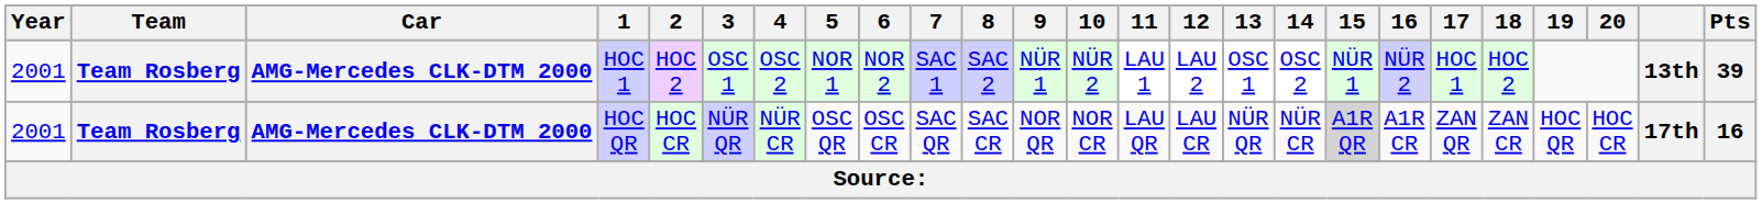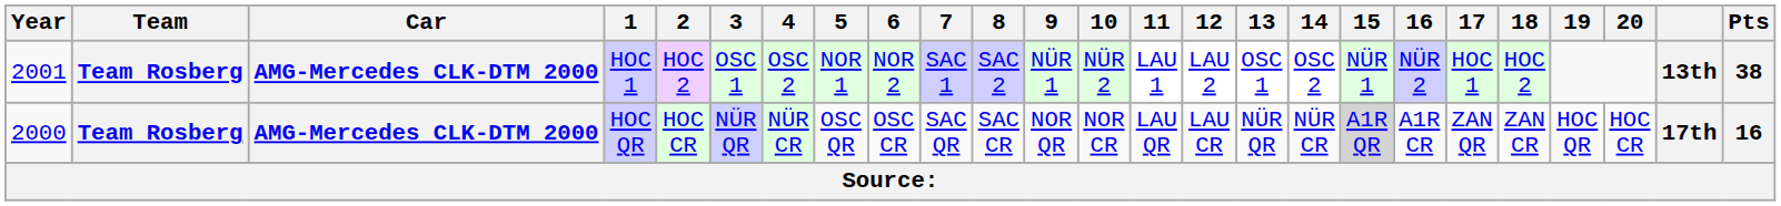 <table class="wikitable" style="text-align:center; font-size:85%;">
 <tr>
 <th>Year</th>
 <th>Team</th>
 <th>Car</th>
 <th>1</th>
 <th>2</th>
 <th>3</th>
 <th>4</th>
 <th>5</th>
 <th>6</th>
 <th>7</th>
 <th>8</th>
 <th>9</th>
 <th>10</th>
 <th>11</th>
 <th>12</th>
 <th>13</th>
 <th>14</th>
 <th>15</th>
 <th>16</th>
 <th>17</th>
 <th>18</th>
 <th>19</th>
 <th>20</th>
 <th></th>
 <th>Pts</th>
 </tr>
 <tr>
 <td><a href='#'>2001</a></td>
 <th nowrap><a href='#'>Team Rosberg</a></th>
 <th nowrap><a href='#'>AMG-Mercedes CLK-DTM 2000</a></th>
 <td style="background:#cfcfff;"><a href='#'>HOC<br>1</a><br></td>
 <td style="background:#efcfff;"><a href='#'>HOC<br>2</a><br></td>
 <td style="background:#dfffdf;"><a href='#'>OSC<br>1</a><br></td>
 <td style="background:#dfffdf;"><a href='#'>OSC<br>2</a><br></td>
 <td style="background:#dfffdf;"><a href='#'>NOR<br>1</a><br></td>
 <td style="background:#dfffdf;"><a href='#'>NOR<br>2</a><br></td>
 <td style="background:#cfcfff;"><a href='#'>SAC<br>1</a><br></td>
 <td style="background:#cfcfff;"><a href='#'>SAC<br>2</a><br></td>
 <td style="background:#dfffdf;"><a href='#'>NÜR<br>1</a><br></td>
 <td style="background:#dfffdf;"><a href='#'>NÜR<br>2</a><br></td>
 <td style="background:#fff;"><a href='#'>LAU<br>1</a><br></td>
 <td style="background:#fff;"><a href='#'>LAU<br>2</a><br></td>
 <td style="background:#fff;"><a href='#'>OSC<br>1</a><br></td>
 <td style="background:#fff;"><a href='#'>OSC<br>2</a><br></td>
 <td style="background:#dfffdf;"><a href='#'>NÜR<br>1</a><br></td>
 <td style="background:#cfcfff;"><a href='#'>NÜR<br>2</a><br></td>
 <td style="background:#dfffdf;"><a href='#'>HOC<br>1</a><br></td>
 <td style="background:#dfffdf;"><a href='#'>HOC<br>2</a><br></td>
 <td colspan=2></td>
 <th>13th</th>
-<th>39</th>
+<th>38</th>
 </tr>
 <tr>
-<td><a href='#'>2001</a></td>
+<td><a href='#'>2000</a></td>
 <th nowrap><a href='#'>Team Rosberg</a></th>
 <th nowrap><a href='#'>AMG-Mercedes CLK-DTM 2000</a></th>
 <td style="background:#cfcfff;"><a href='#'>HOC<br>QR</a><br></td>
 <td style="background:#dfffdf;"><a href='#'>HOC<br>CR</a><br></td>
 <td style="background:#cfcfff;"><a href='#'>NÜR<br>QR</a><br></td>
 <td style="background:#dfffdf;"><a href='#'>NÜR<br>CR</a><br></td>
 <td><a href='#'>OSC<br>QR</a></td>
 <td><a href='#'>OSC<br>CR</a></td>
 <td><a href='#'>SAC<br>QR</a></td>
 <td><a href='#'>SAC<br>CR</a></td>
 <td><a href='#'>NOR<br>QR</a></td>
 <td><a href='#'>NOR<br>CR</a></td>
 <td><a href='#'>LAU<br>QR</a></td>
 <td><a href='#'>LAU<br>CR</a></td>
 <td><a href='#'>NÜR<br>QR</a></td>
 <td><a href='#'>NÜR<br>CR</a></td>
 <td style="background: lightgrey;"><a href='#'>A1R<br>QR</a></td>
 <td><a href='#'>A1R<br>CR</a></td>
 <td><a href='#'>ZAN<br>QR</a></td>
 <td><a href='#'>ZAN<br>CR</a></td>
 <td><a href='#'>HOC<br>QR</a></td>
 <td><a href='#'>HOC<br>CR</a></td>
 <th>17th</th>
 <th>16</th>
 </tr>
 <tr>
 <th colspan="25">Source:</th>
 </tr>
 </table>
